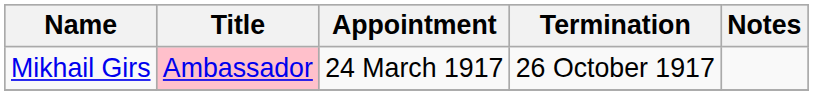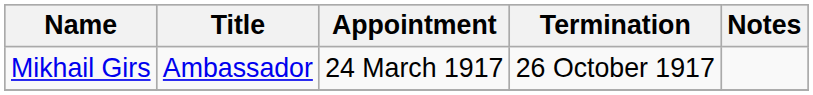 <table class="wikitable">
 <tr valign="middle">
 <th>Name</th>
 <th>Title</th>
 <th>Appointment</th>
 <th>Termination</th>
 <th>Notes</th>
 </tr>
 <tr>
 <td><a href='#'>Mikhail Girs</a></td>
-<td style="background: pink;"><a href='#'>Ambassador</a></td>
+<td><a href='#'>Ambassador</a></td>
 <td>24 March 1917</td>
 <td>26 October 1917</td>
 <td></td>
 </tr>
 <tr>
 </tr>
 </table>
